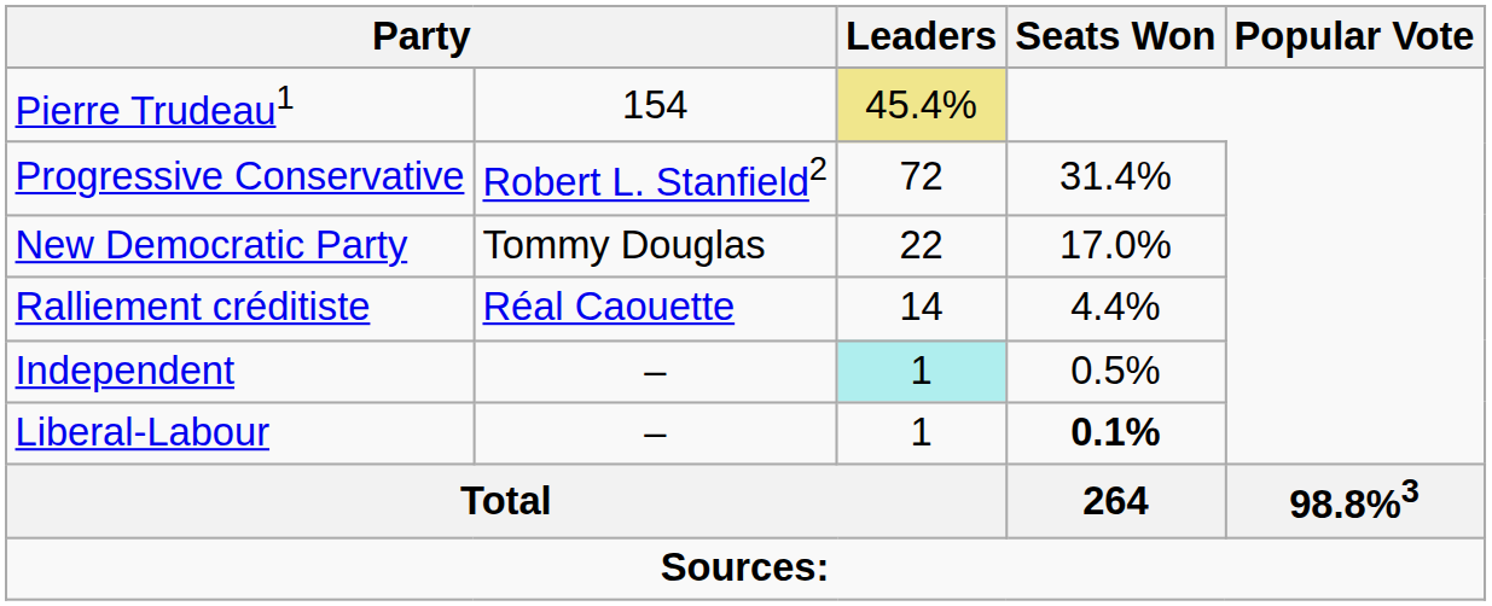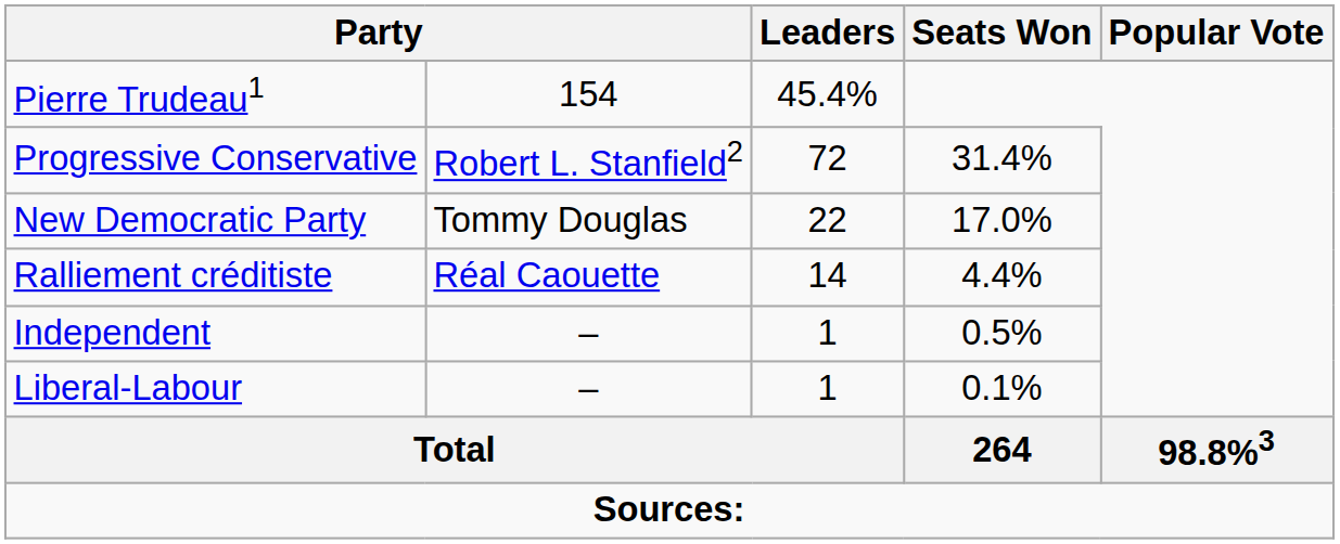 <table class="wikitable">
 <tr>
 <th colspan="2">Party</th>
 <th>Leaders</th>
 <th>Seats Won</th>
 <th>Popular Vote</th>
 </tr>
 <tr>
 <td><a href='#'>Pierre Trudeau</a><sup>1</sup></td>
 <td align=center>154</td>
-<td align=center style="background: khaki;">45.4%</td>
+<td align=center>45.4%</td>
 </tr>
 <tr>
 <td><a href='#'>Progressive Conservative</a></td>
 <td><a href='#'>Robert L. Stanfield</a><sup>2</sup></td>
 <td align=center>72</td>
 <td align=center>31.4%</td>
 </tr>
 <tr>
 <td><a href='#'>New Democratic Party</a></td>
 <td>Tommy Douglas</td>
 <td align=center>22</td>
 <td align=center>17.0%</td>
 </tr>
 <tr>
 <td><a href='#'>Ralliement créditiste</a></td>
 <td><a href='#'>Réal Caouette</a></td>
 <td align=center>14</td>
 <td align=center>4.4%</td>
 </tr>
 <tr>
 <td><a href='#'>Independent</a></td>
 <td align=center>–</td>
-<td align=center style="background: paleturquoise;">1</td>
+<td align=center>1</td>
 <td align=center>0.5%</td>
 </tr>
 <tr>
 <td><a href='#'>Liberal-Labour</a></td>
 <td align=center>–</td>
 <td align=center>1</td>
-<td align=center><strong>0.1%</strong></td>
+<td align=center>0.1%</td>
 </tr>
 <tr>
 <th colspan=3 align=left>Total</th>
 <th align=center>264</th>
 <th align=center>98.8%<sup>3</sup></th>
 </tr>
 <tr>
 <td align="center" colspan=5><strong>Sources:</strong> </td>
 </tr>
 </table>
